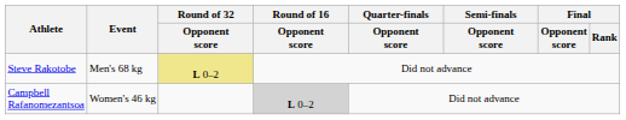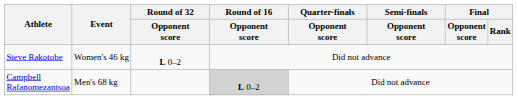 <table class="wikitable" style="font-size:90%; text-align:center">
 <tr>
 <th rowspan="2" width="100">Athlete</th>
 <th rowspan="2">Event</th>
 <th width="120">Round of 32</th>
 <th width="120">Round of 16</th>
 <th width="120">Quarter-finals</th>
 <th width="120">Semi-finals</th>
 <th colspan="2" width="100">Final</th>
 </tr>
 <tr>
 <th>Opponent<br>score</th>
 <th>Opponent<br>score</th>
 <th>Opponent<br>score</th>
 <th>Opponent<br>score</th>
 <th>Opponent<br>score</th>
 <th>Rank</th>
 </tr>
 <tr>
 <td align="left"><a href='#'>Steve Rakotobe</a></td>
-<td align="left">Men's 68 kg</td>
-<td style="background: khaki;"><br><strong>L</strong> 0–2</td>
+<td align="left">Women's 46 kg</td>
+<td><br><strong>L</strong> 0–2</td>
 <td colspan="5">Did not advance</td>
 </tr>
 <tr>
 <td align="left"><a href='#'>Campbell Rafanomezantsoa</a></td>
-<td align="left">Women's 46 kg</td>
+<td align="left">Men's 68 kg</td>
 <td></td>
 <td style="background: lightgrey;"><br><strong>L</strong> 0–2</td>
 <td colspan="4">Did not advance</td>
 </tr>
 </table>
